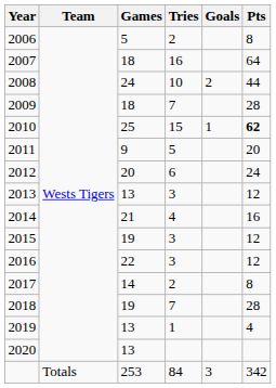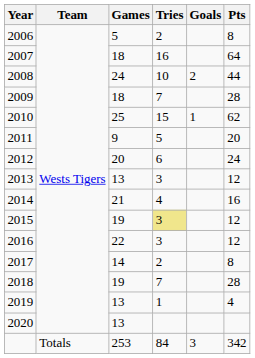 <table class="wikitable">
 <tr>
 <th>Year</th>
 <th>Team</th>
 <th>Games</th>
 <th>Tries</th>
 <th>Goals</th>
 <th>Pts</th>
 </tr>
 <tr>
 <td>2006</td>
 <td rowspan="15"> <a href='#'>Wests Tigers</a></td>
 <td>5</td>
 <td>2</td>
 <td></td>
 <td>8</td>
 </tr>
 <tr>
 <td>2007</td>
 <td>18</td>
 <td>16</td>
 <td></td>
 <td>64</td>
 </tr>
 <tr>
 <td>2008</td>
 <td>24</td>
 <td>10</td>
 <td>2</td>
 <td>44</td>
 </tr>
 <tr>
 <td>2009</td>
 <td>18</td>
 <td>7</td>
 <td></td>
 <td>28</td>
 </tr>
 <tr>
 <td>2010</td>
 <td>25</td>
 <td>15</td>
 <td>1</td>
-<td><strong>62</strong></td>
+<td>62</td>
 </tr>
 <tr>
 <td>2011</td>
 <td>9</td>
 <td>5</td>
 <td></td>
 <td>20</td>
 </tr>
 <tr>
 <td>2012</td>
 <td>20</td>
 <td>6</td>
 <td></td>
 <td>24</td>
 </tr>
 <tr>
 <td>2013</td>
 <td>13</td>
 <td>3</td>
 <td></td>
 <td>12</td>
 </tr>
 <tr>
 <td>2014</td>
 <td>21</td>
 <td>4</td>
 <td></td>
 <td>16</td>
 </tr>
 <tr>
 <td>2015</td>
 <td>19</td>
-<td>3</td>
+<td style="background: khaki;">3</td>
 <td></td>
 <td>12</td>
 </tr>
 <tr>
 <td>2016</td>
 <td>22</td>
 <td>3</td>
 <td></td>
 <td>12</td>
 </tr>
 <tr>
 <td>2017</td>
 <td>14</td>
 <td>2</td>
 <td></td>
 <td>8</td>
 </tr>
 <tr>
 <td>2018</td>
 <td>19</td>
 <td>7</td>
 <td></td>
 <td>28</td>
 </tr>
 <tr>
 <td>2019</td>
 <td>13</td>
 <td>1</td>
 <td></td>
 <td>4</td>
 </tr>
 <tr>
 <td>2020</td>
 <td>13</td>
 <td></td>
 <td></td>
 <td></td>
 </tr>
 <tr>
 <td></td>
 <td>Totals</td>
 <td>253</td>
 <td>84</td>
 <td>3</td>
 <td>342</td>
 </tr>
 </table>
